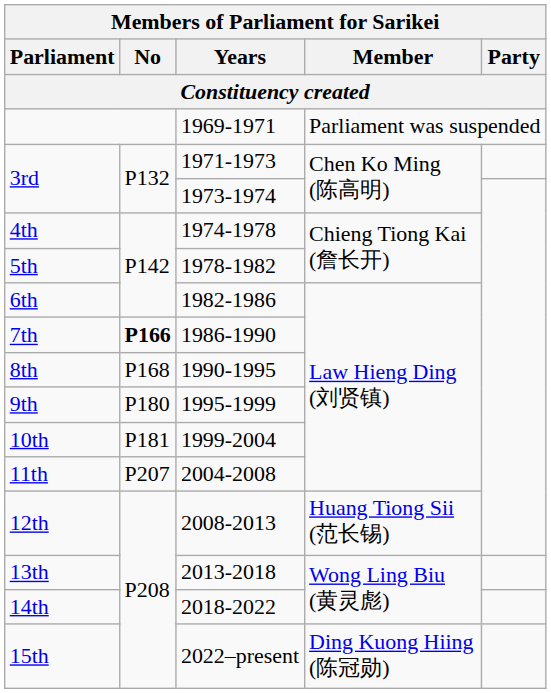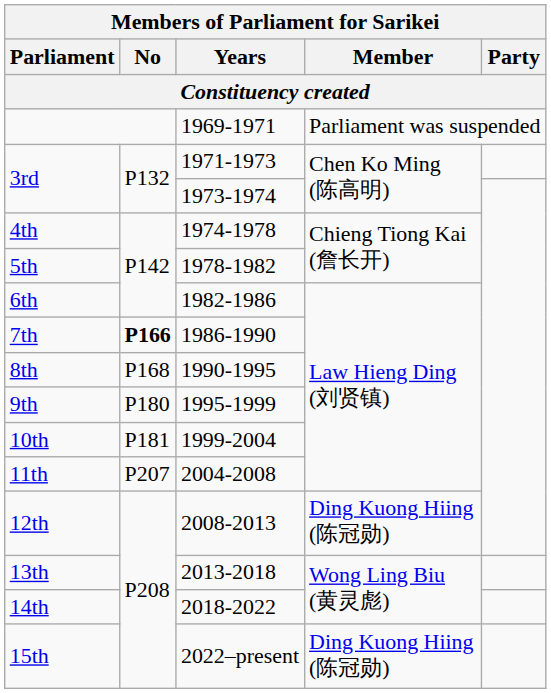 <table class=wikitable>
 <tr>
 <th colspan="5">Members of Parliament for Sarikei</th>
 </tr>
 <tr>
 <th>Parliament</th>
 <th>No</th>
 <th>Years</th>
 <th>Member</th>
 <th>Party</th>
 </tr>
 <tr>
 <th colspan="5" align="center"><em>Constituency created</em></th>
 </tr>
 <tr>
 <td colspan="2"></td>
 <td>1969-1971</td>
 <td colspan=2 align=center>Parliament was suspended</td>
 </tr>
 <tr>
 <td rowspan=2><a href='#'>3rd</a></td>
 <td rowspan="2">P132</td>
 <td>1971-1973</td>
 <td rowspan=2>Chen Ko Ming <br> (陈高明)</td>
 <td></td>
 </tr>
 <tr>
 <td>1973-1974</td>
 <td rowspan=10></td>
 </tr>
 <tr>
 <td><a href='#'>4th</a></td>
 <td rowspan="3">P142</td>
 <td>1974-1978</td>
 <td rowspan=2>Chieng Tiong Kai <br> (詹长开)</td>
 </tr>
 <tr>
 <td><a href='#'>5th</a></td>
 <td>1978-1982</td>
 </tr>
 <tr>
 <td><a href='#'>6th</a></td>
 <td>1982-1986</td>
 <td rowspan=6><a href='#'>Law Hieng Ding</a> <br> (刘贤镇)</td>
 </tr>
 <tr>
 <td><a href='#'>7th</a></td>
 <td><strong>P166</strong></td>
 <td>1986-1990</td>
 </tr>
 <tr>
 <td><a href='#'>8th</a></td>
 <td>P168</td>
 <td>1990-1995</td>
 </tr>
 <tr>
 <td><a href='#'>9th</a></td>
 <td>P180</td>
 <td>1995-1999</td>
 </tr>
 <tr>
 <td><a href='#'>10th</a></td>
 <td>P181</td>
 <td>1999-2004</td>
 </tr>
 <tr>
 <td><a href='#'>11th</a></td>
 <td>P207</td>
 <td>2004-2008</td>
 </tr>
 <tr>
 <td><a href='#'>12th</a></td>
 <td rowspan="5">P208</td>
 <td>2008-2013</td>
-<td><a href='#'>Huang Tiong Sii</a>  <br>(范长锡)</td>
+<td><a href='#'>Ding Kuong Hiing</a> <br> (陈冠勋)</td>
 </tr>
 <tr>
 <td><a href='#'>13th</a></td>
 <td>2013-2018</td>
 <td rowspan=2><a href='#'>Wong Ling Biu</a> <br> (黄灵彪)</td>
 <td></td>
 </tr>
 <tr>
 <td><a href='#'>14th</a></td>
 <td>2018-2022</td>
 <td></td>
 </tr>
 <tr>
 <td><a href='#'>15th</a></td>
 <td>2022–present</td>
 <td><a href='#'>Ding Kuong Hiing</a> <br> (陈冠勋)</td>
 <td></td>
 </tr>
 </table>
